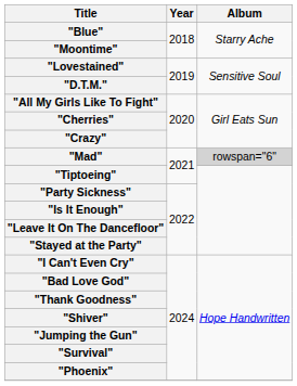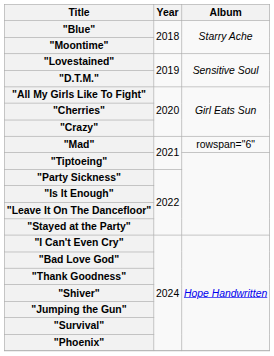 <table class="wikitable plainrowheaders" style="text-align:center;">
 <tr>
 <th scope="col">Title</th>
 <th scope="col" style="width:1em;">Year</th>
 <th scope="col">Album</th>
 </tr>
 <tr>
 <th scope="row">"Blue"</th>
 <td rowspan="2">2018</td>
 <td rowspan="2"><em>Starry Ache</em></td>
 </tr>
 <tr>
 <th scope="row">"Moontime"</th>
 </tr>
 <tr>
 <th scope="row">"Lovestained"</th>
 <td rowspan="2">2019</td>
 <td rowspan="2"><em>Sensitive Soul</em></td>
 </tr>
 <tr>
 <th scope="row">"D.T.M."</th>
 </tr>
 <tr>
 <th scope="row">"All My Girls Like To Fight"</th>
 <td rowspan="3">2020</td>
 <td rowspan="3"><em>Girl Eats Sun</em></td>
 </tr>
 <tr>
 <th scope="row">"Cherries"<br></th>
 </tr>
 <tr>
 <th scope="row">"Crazy"</th>
 </tr>
 <tr>
 <th scope="row">"Mad"</th>
 <td rowspan="2">2021</td>
-<td style="background: lightgrey;">rowspan="6" </td>
+<td>rowspan="6" </td>
 </tr>
 <tr>
 <th scope="row">"Tiptoeing"</th>
 </tr>
 <tr>
 <th scope="row">"Party Sickness"</th>
 <td rowspan="4">2022</td>
 </tr>
 <tr>
 <th scope="row">"Is It Enough"</th>
 </tr>
 <tr>
 <th scope="row">"Leave It On The Dancefloor"</th>
 </tr>
 <tr>
 <th scope="row">"Stayed at the Party"</th>
 </tr>
 <tr>
 <th scope="row">"I Can't Even Cry"</th>
 <td rowspan="7">2024</td>
 <td rowspan="7"><em><a href='#'>Hope Handwritten</a></em></td>
 </tr>
 <tr>
 <th scope="row">"Bad Love God"</th>
 </tr>
 <tr>
 <th scope="row">"Thank Goodness"</th>
 </tr>
 <tr>
 <th scope="row">"Shiver"</th>
 </tr>
 <tr>
 <th scope="row">"Jumping the Gun"</th>
 </tr>
 <tr>
 <th scope="row">"Survival"</th>
 </tr>
 <tr>
 <th scope="row">"Phoenix"</th>
 </tr>
 <tr>
 </tr>
 </table>
